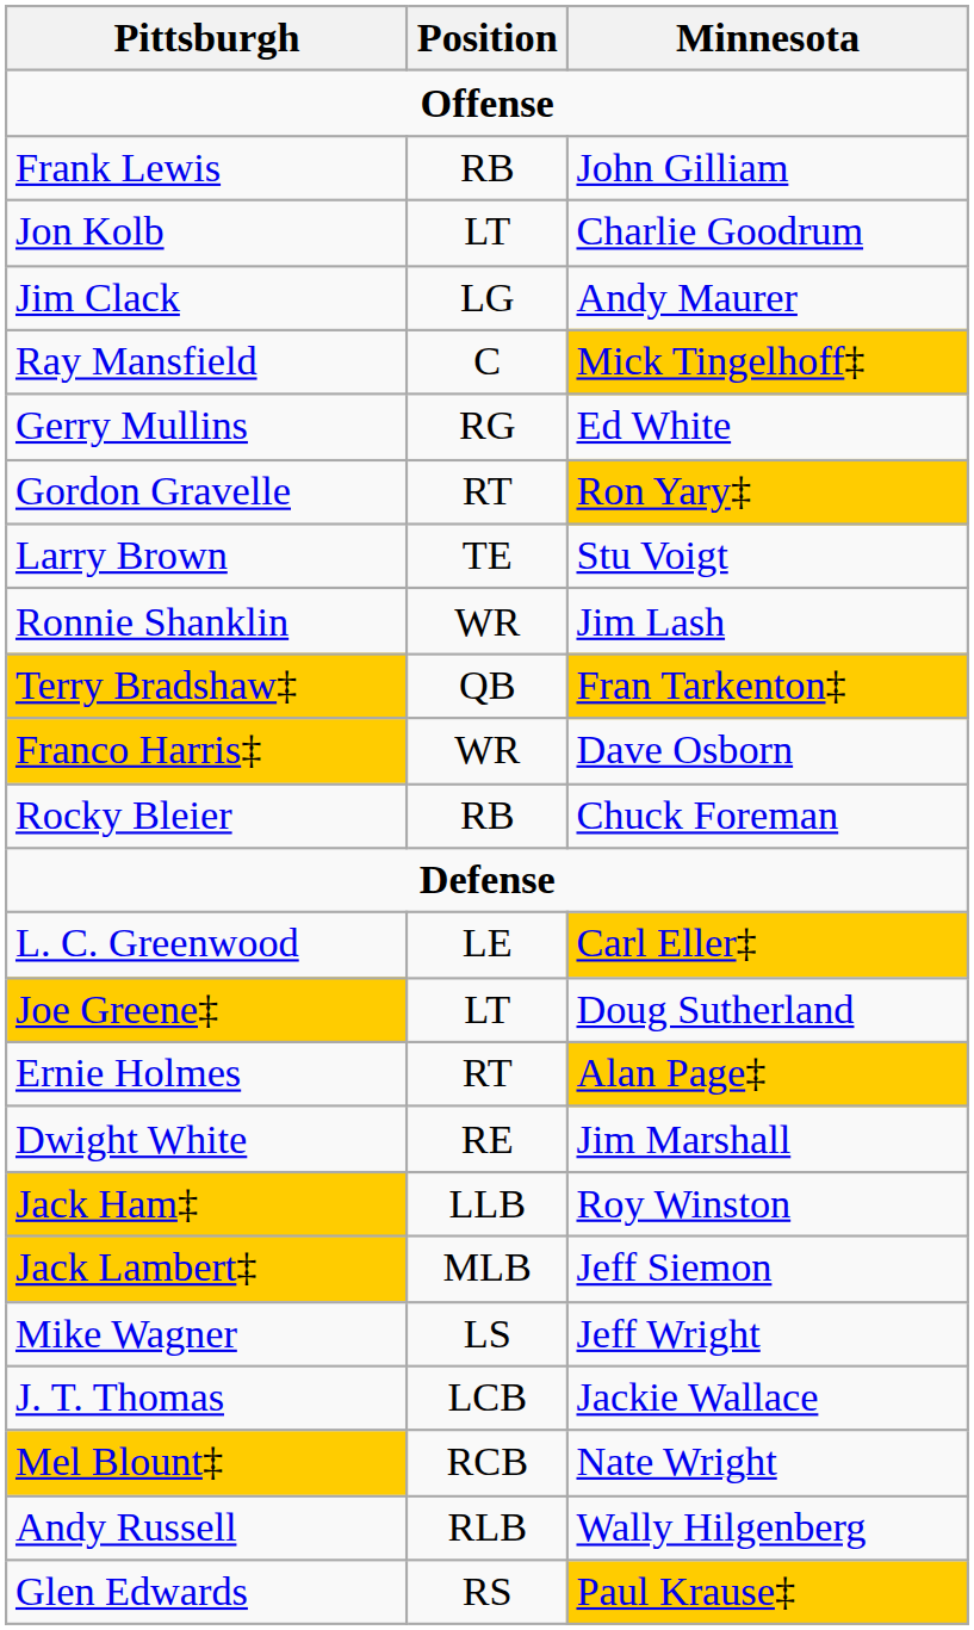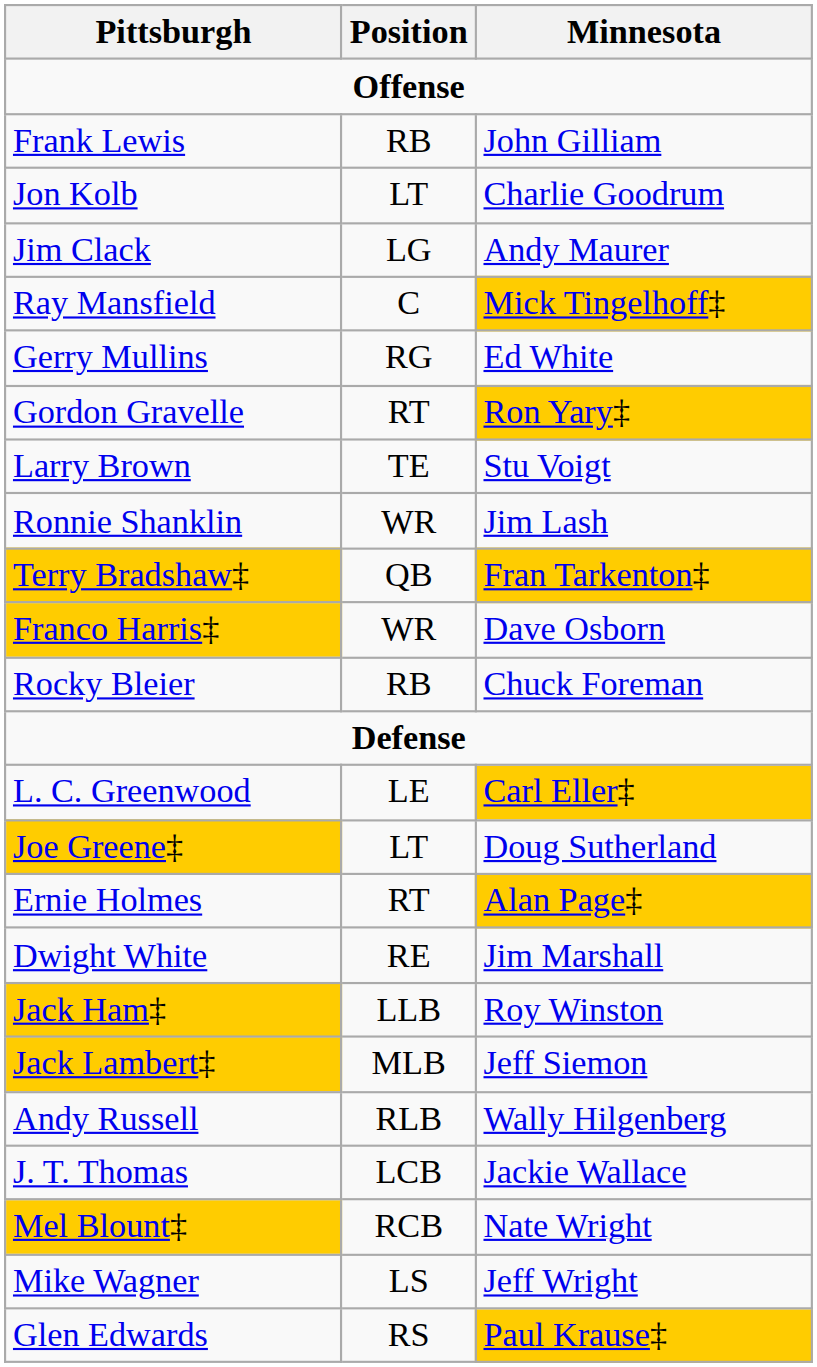 <table class="wikitable">
 <tr>
 <th width="150px">Pittsburgh</th>
 <th>Position</th>
 <th width="150px">Minnesota</th>
 </tr>
 <tr>
 <td colspan="3" style="text-align:center;"><strong>Offense</strong></td>
 </tr>
 <tr>
 <td><a href='#'>Frank Lewis</a></td>
 <td style="text-align:center;">RB</td>
 <td><a href='#'>John Gilliam</a></td>
 </tr>
 <tr>
 <td><a href='#'>Jon Kolb</a></td>
 <td style="text-align:center;">LT</td>
 <td><a href='#'>Charlie Goodrum</a></td>
 </tr>
 <tr>
 <td><a href='#'>Jim Clack</a></td>
 <td style="text-align:center;">LG</td>
 <td><a href='#'>Andy Maurer</a></td>
 </tr>
 <tr>
 <td><a href='#'>Ray Mansfield</a></td>
 <td style="text-align:center;">C</td>
 <td bgcolor="#FFCC00"><a href='#'>Mick Tingelhoff</a>‡</td>
 </tr>
 <tr>
 <td><a href='#'>Gerry Mullins</a></td>
 <td style="text-align:center;">RG</td>
 <td><a href='#'>Ed White</a></td>
 </tr>
 <tr>
 <td><a href='#'>Gordon Gravelle</a></td>
 <td style="text-align:center;">RT</td>
 <td bgcolor="#FFCC00"><a href='#'>Ron Yary</a>‡</td>
 </tr>
 <tr>
 <td><a href='#'>Larry Brown</a></td>
 <td style="text-align:center;">TE</td>
 <td><a href='#'>Stu Voigt</a></td>
 </tr>
 <tr>
 <td><a href='#'>Ronnie Shanklin</a></td>
 <td style="text-align:center;">WR</td>
 <td><a href='#'>Jim Lash</a></td>
 </tr>
 <tr>
 <td bgcolor="#FFCC00"><a href='#'>Terry Bradshaw</a>‡</td>
 <td style="text-align:center;">QB</td>
 <td bgcolor="#FFCC00"><a href='#'>Fran Tarkenton</a>‡</td>
 </tr>
 <tr>
 <td bgcolor="#FFCC00"><a href='#'>Franco Harris</a>‡</td>
 <td style="text-align:center;">WR</td>
 <td><a href='#'>Dave Osborn</a></td>
 </tr>
 <tr>
 <td><a href='#'>Rocky Bleier</a></td>
 <td style="text-align:center;">RB</td>
 <td><a href='#'>Chuck Foreman</a></td>
 </tr>
 <tr>
 <td colspan="3" style="text-align:center;"><strong>Defense</strong></td>
 </tr>
 <tr>
 <td><a href='#'>L. C. Greenwood</a></td>
 <td style="text-align:center;">LE</td>
 <td bgcolor="#FFCC00"><a href='#'>Carl Eller</a>‡</td>
 </tr>
 <tr>
 <td bgcolor="#FFCC00"><a href='#'>Joe Greene</a>‡</td>
 <td style="text-align:center;">LT</td>
 <td><a href='#'>Doug Sutherland</a></td>
 </tr>
 <tr>
 <td><a href='#'>Ernie Holmes</a></td>
 <td style="text-align:center;">RT</td>
 <td bgcolor="#FFCC00"><a href='#'>Alan Page</a>‡</td>
 </tr>
 <tr>
 <td><a href='#'>Dwight White</a></td>
 <td style="text-align:center;">RE</td>
 <td><a href='#'>Jim Marshall</a></td>
 </tr>
 <tr>
 <td bgcolor="#FFCC00"><a href='#'>Jack Ham</a>‡</td>
 <td style="text-align:center;">LLB</td>
 <td><a href='#'>Roy Winston</a></td>
 </tr>
 <tr>
 <td bgcolor="#FFCC00"><a href='#'>Jack Lambert</a>‡</td>
 <td style="text-align:center;">MLB</td>
 <td><a href='#'>Jeff Siemon</a></td>
 </tr>
 <tr>
-<td><a href='#'>Mike Wagner</a></td>
-<td style="text-align:center;">LS</td>
-<td><a href='#'>Jeff Wright</a></td>
+<td><a href='#'>Andy Russell</a></td>
+<td style="text-align:center;">RLB</td>
+<td><a href='#'>Wally Hilgenberg</a></td>
 </tr>
 <tr>
 <td><a href='#'>J. T. Thomas</a></td>
 <td style="text-align:center;">LCB</td>
 <td><a href='#'>Jackie Wallace</a></td>
 </tr>
 <tr>
 <td bgcolor="#FFCC00"><a href='#'>Mel Blount</a>‡</td>
 <td style="text-align:center;">RCB</td>
 <td><a href='#'>Nate Wright</a></td>
 </tr>
 <tr>
-<td><a href='#'>Andy Russell</a></td>
-<td style="text-align:center;">RLB</td>
-<td><a href='#'>Wally Hilgenberg</a></td>
+<td><a href='#'>Mike Wagner</a></td>
+<td style="text-align:center;">LS</td>
+<td><a href='#'>Jeff Wright</a></td>
 </tr>
 <tr>
 <td><a href='#'>Glen Edwards</a></td>
 <td style="text-align:center;">RS</td>
 <td bgcolor="#FFCC00"><a href='#'>Paul Krause</a>‡</td>
 </tr>
 </table>
